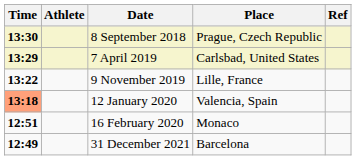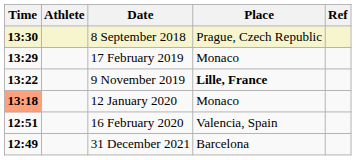 <table class="wikitable" style="font-size:95%">
 <tr>
 <th>Time</th>
 <th>Athlete</th>
 <th>Date</th>
 <th>Place</th>
 <th>Ref</th>
 </tr>
 <tr bgcolor=#f6F5CE>
 <td align=center><strong>13:30</strong> </td>
 <td></td>
 <td>8 September 2018</td>
 <td>Prague, Czech Republic</td>
 <td></td>
 </tr>
-<tr bgcolor=#f6F5CE>
+<tr>
 <td align=center><strong>13:29</strong></td>
 <td></td>
-<td>7 April 2019</td>
-<td>Carlsbad, United States</td>
+<td>17 February 2019</td>
+<td>Monaco</td>
 <td></td>
 </tr>
 <tr>
 <td align=center><strong>13:22</strong></td>
 <td></td>
 <td>9 November 2019</td>
-<td>Lille, France</td>
+<td><strong>Lille, France</strong></td>
 <td></td>
 </tr>
 <tr>
 <td align=center style="background: lightsalmon;"><strong>13:18</strong></td>
 <td></td>
 <td>12 January 2020</td>
-<td>Valencia, Spain</td>
+<td>Monaco</td>
 <td></td>
 </tr>
 <tr>
 <td align=center><strong>12:51</strong></td>
 <td></td>
 <td>16 February 2020</td>
-<td>Monaco</td>
+<td>Valencia, Spain</td>
 <td></td>
 </tr>
 <tr>
 <td align=center><strong>12:49</strong></td>
 <td></td>
 <td>31 December 2021</td>
 <td>Barcelona</td>
 <td></td>
 </tr>
 </table>
